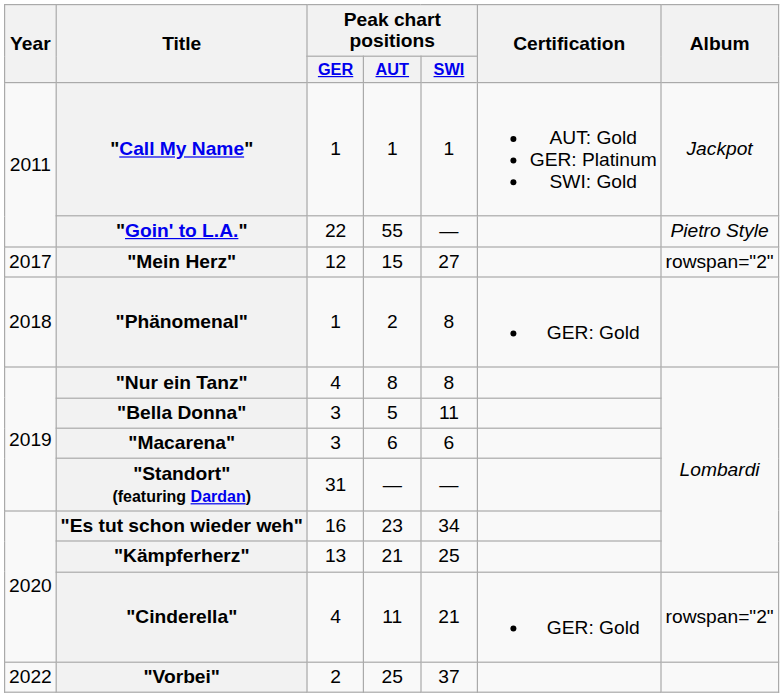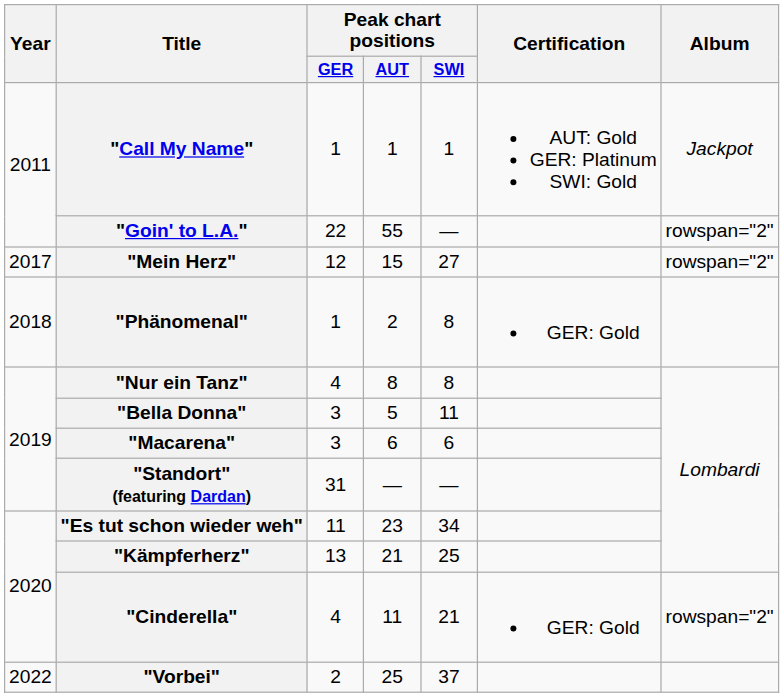 <table class="wikitable plainrowheaders" style="text-align:center;">
 <tr>
 <th scope="col" rowspan="2">Year</th>
 <th scope="col" rowspan="2">Title</th>
 <th scope="col" colspan="3">Peak chart positions</th>
 <th scope="col" rowspan="2">Certification</th>
 <th scope="col" rowspan="2">Album</th>
 </tr>
 <tr>
 <th scope="col" style="width:3em;font-size:85%;"><a href='#'>GER</a><br></th>
 <th scope="col" style="width:3em;font-size:85%;"><a href='#'>AUT</a><br></th>
 <th scope="col" style="width:3em;font-size:85%;"><a href='#'>SWI</a><br></th>
 </tr>
 <tr>
 <td rowspan="2">2011</td>
 <th scope="row">"<a href='#'>Call My Name</a>"</th>
 <td>1</td>
 <td>1</td>
 <td>1</td>
 <td><br><ul><li>AUT: Gold</li><li>GER: Platinum</li><li>SWI: Gold</li></ul></td>
 <td><em>Jackpot</em></td>
 </tr>
 <tr>
 <th scope="row">"<a href='#'>Goin' to L.A.</a>"</th>
 <td>22</td>
 <td>55</td>
 <td>—</td>
 <td></td>
-<td><em>Pietro Style</em></td>
+<td>rowspan="2" </td>
 </tr>
 <tr>
 <td>2017</td>
 <th scope="row">"Mein Herz"</th>
 <td>12</td>
 <td>15</td>
 <td>27</td>
 <td></td>
 <td>rowspan="2" </td>
 </tr>
 <tr>
 <td>2018</td>
 <th scope="row">"Phänomenal"</th>
 <td>1</td>
 <td>2</td>
 <td>8</td>
 <td><br><ul><li>GER: Gold</li></ul></td>
 </tr>
 <tr>
 <td rowspan="4">2019</td>
 <th scope="row">"Nur ein Tanz"</th>
 <td>4</td>
 <td>8</td>
 <td>8</td>
 <td></td>
 <td rowspan="6"><em>Lombardi</em></td>
 </tr>
 <tr>
 <th scope="row">"Bella Donna"</th>
 <td>3</td>
 <td>5</td>
 <td>11</td>
 <td></td>
 </tr>
 <tr>
 <th scope="row">"Macarena"</th>
 <td>3</td>
 <td>6</td>
 <td>6</td>
 <td></td>
 </tr>
 <tr>
 <th scope="row">"Standort"<br><small>(featuring <a href='#'>Dardan</a>)</small></th>
 <td>31</td>
 <td>—</td>
 <td>—</td>
 <td></td>
 </tr>
 <tr>
 <td rowspan="3">2020</td>
 <th scope="row">"Es tut schon wieder weh"</th>
-<td>16</td>
+<td>11</td>
 <td>23</td>
 <td>34</td>
 <td></td>
 </tr>
 <tr>
 <th scope="row">"Kämpferherz"</th>
 <td>13</td>
 <td>21</td>
 <td>25</td>
 <td></td>
 </tr>
 <tr>
 <th scope="row">"Cinderella"</th>
 <td>4</td>
 <td>11</td>
 <td>21</td>
 <td><br><ul><li>GER: Gold</li></ul></td>
 <td>rowspan="2" </td>
 </tr>
 <tr>
 <td>2022</td>
 <th scope="row">"Vorbei"</th>
 <td>2</td>
 <td>25</td>
 <td>37</td>
 <td></td>
 </tr>
 </table>
